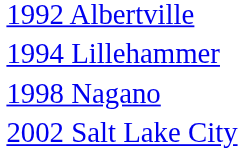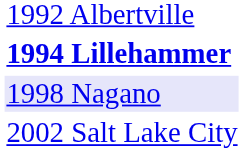 <table>
 <tr>
 <td><a href='#'>1992 Albertville</a><br></td>
 <td></td>
 <td></td>
 <td></td>
 </tr>
 <tr>
-<td><a href='#'>1994 Lillehammer</a><br></td>
+<td><strong><a href='#'>1994 Lillehammer</a><br></strong></td>
 <td></td>
 <td></td>
 <td></td>
 </tr>
 <tr>
-<td><a href='#'>1998 Nagano</a><br></td>
+<td style="background: lavender;"><a href='#'>1998 Nagano</a><br></td>
 <td></td>
 <td></td>
 <td></td>
 </tr>
 <tr>
 <td><a href='#'>2002 Salt Lake City</a><br></td>
 <td></td>
 <td></td>
 <td></td>
 </tr>
 </table>
